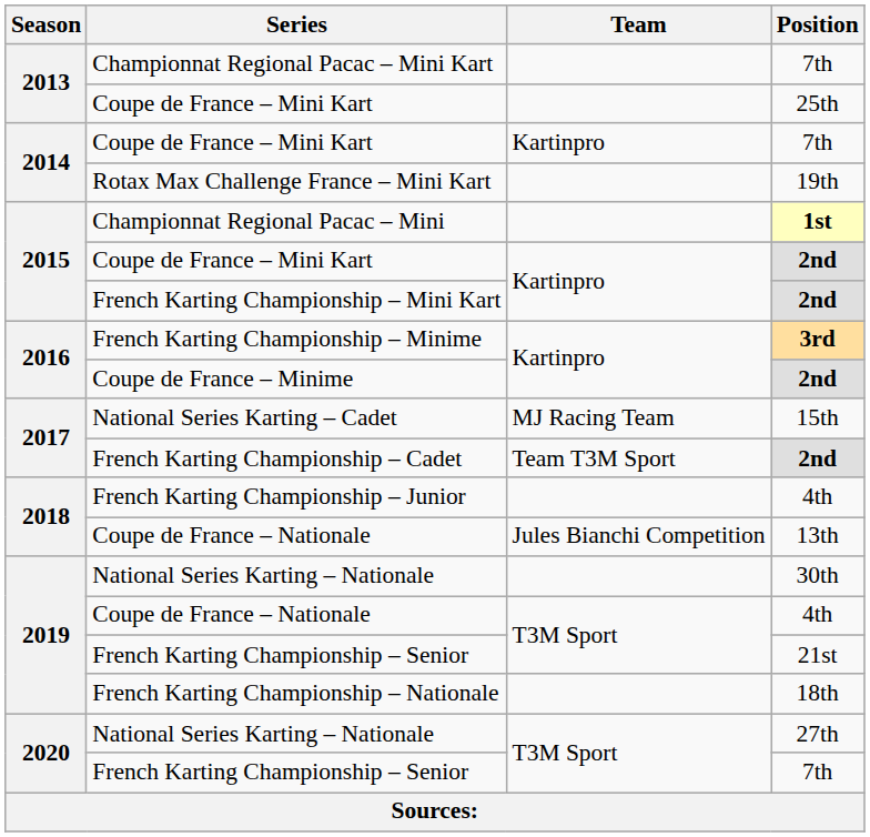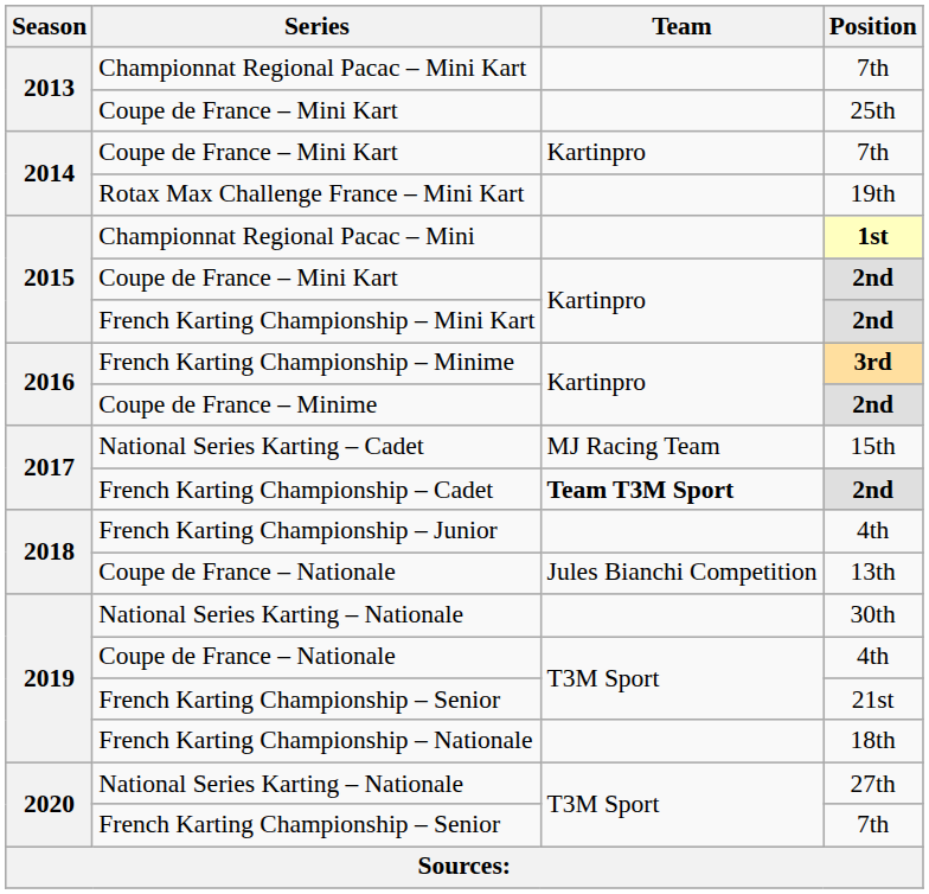 <table class="wikitable" style="font-size: 85%; text-align:center">
 <tr>
 <th>Season</th>
 <th>Series</th>
 <th>Team</th>
 <th>Position</th>
 </tr>
 <tr>
 <th rowspan="2">2013</th>
 <td align="left">Championnat Regional Pacac – Mini Kart</td>
 <td align="left"></td>
 <td style="background:#;">7th</td>
 </tr>
 <tr>
 <td align="left">Coupe de France – Mini Kart</td>
 <td align="left"></td>
 <td style="background:#;">25th</td>
 </tr>
 <tr>
 <th rowspan="2">2014</th>
 <td align="left">Coupe de France – Mini Kart</td>
 <td align="left">Kartinpro</td>
 <td style="background:#;">7th</td>
 </tr>
 <tr>
 <td align="left">Rotax Max Challenge France – Mini Kart</td>
 <td align="left"></td>
 <td style="background:#;">19th</td>
 </tr>
 <tr>
 <th rowspan="3">2015</th>
 <td align="left">Championnat Regional Pacac – Mini</td>
 <td align="left"></td>
 <td style="background:#FFFFBF;"><strong>1st</strong></td>
 </tr>
 <tr>
 <td align="left">Coupe de France – Mini Kart</td>
 <td align="left" rowspan="2">Kartinpro</td>
 <td style="background:#dfdfdf;"><strong>2nd</strong></td>
 </tr>
 <tr>
 <td align="left">French Karting Championship – Mini Kart</td>
 <td style="background:#dfdfdf;"><strong>2nd</strong></td>
 </tr>
 <tr>
 <th rowspan="2">2016</th>
 <td align="left">French Karting Championship – Minime</td>
 <td align="left" rowspan="2">Kartinpro</td>
 <td style="background:#ffdf9f;"><strong>3rd</strong></td>
 </tr>
 <tr>
 <td align="left">Coupe de France – Minime</td>
 <td style="background:#dfdfdf;"><strong>2nd</strong></td>
 </tr>
 <tr>
 <th rowspan="2">2017</th>
 <td align="left">National Series Karting – Cadet</td>
 <td align="left">MJ Racing Team</td>
 <td style="background:#;">15th</td>
 </tr>
 <tr>
 <td align="left">French Karting Championship – Cadet</td>
-<td align="left">Team T3M Sport</td>
+<td align="left"><strong>Team T3M Sport</strong></td>
 <td style="background:#dfdfdf;"><strong>2nd</strong></td>
 </tr>
 <tr>
 <th rowspan="2">2018</th>
 <td align="left">French Karting Championship – Junior</td>
 <td align="left"></td>
 <td style="background:#;">4th</td>
 </tr>
 <tr>
 <td align="left">Coupe de France – Nationale</td>
 <td align="left">Jules Bianchi Competition</td>
 <td style="background:#;">13th</td>
 </tr>
 <tr>
 <th rowspan="4">2019</th>
 <td align="left">National Series Karting – Nationale</td>
 <td align="left"></td>
 <td style="background:#;">30th</td>
 </tr>
 <tr>
 <td align="left">Coupe de France – Nationale</td>
 <td align="left" rowspan="2">T3M Sport</td>
 <td style="background:#;">4th</td>
 </tr>
 <tr>
 <td align="left">French Karting Championship – Senior</td>
 <td style="background:#;">21st</td>
 </tr>
 <tr>
 <td align="left">French Karting Championship – Nationale</td>
 <td align="left"></td>
 <td style="background:#;">18th</td>
 </tr>
 <tr>
 <th rowspan="2">2020</th>
 <td align="left">National Series Karting – Nationale</td>
 <td align="left" rowspan="2">T3M Sport</td>
 <td style="background:#;">27th</td>
 </tr>
 <tr>
 <td align="left">French Karting Championship – Senior</td>
 <td style="background:#;">7th</td>
 </tr>
 <tr>
 <th colspan="4">Sources:</th>
 </tr>
 </table>
